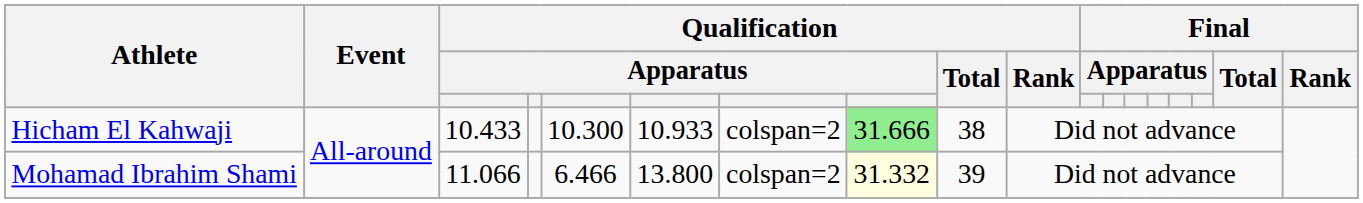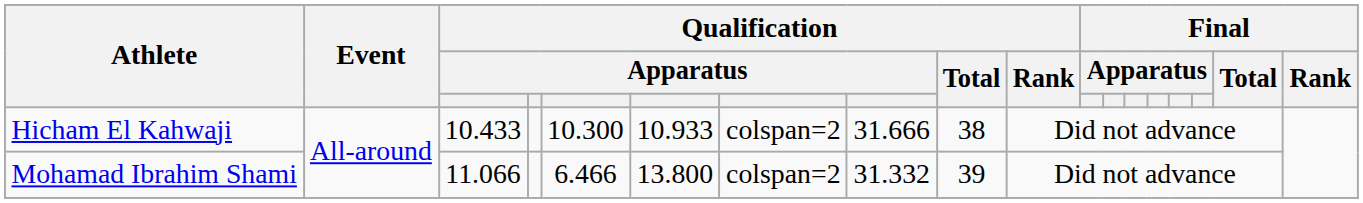 <table class="wikitable" style="font-size:90%">
 <tr>
 <th rowspan=3>Athlete</th>
 <th rowspan=3>Event</th>
 <th colspan =8>Qualification</th>
 <th colspan =8>Final</th>
 </tr>
 <tr style="font-size:95%">
 <th colspan=6>Apparatus</th>
 <th rowspan=2>Total</th>
 <th rowspan=2>Rank</th>
 <th colspan=6>Apparatus</th>
 <th rowspan=2>Total</th>
 <th rowspan=2>Rank</th>
 </tr>
 <tr style="font-size:95%">
 <th></th>
 <th></th>
 <th></th>
 <th></th>
 <th></th>
 <th></th>
 <th></th>
 <th></th>
 <th></th>
 <th></th>
 <th></th>
 <th></th>
 </tr>
 <tr align=center>
 <td align=left><a href='#'>Hicham El Kahwaji</a></td>
 <td align=left rowspan=2><a href='#'>All-around</a></td>
 <td>10.433</td>
 <td></td>
 <td>10.300</td>
 <td>10.933</td>
 <td>colspan=2 </td>
-<td style="background: lightgreen;">31.666</td>
+<td>31.666</td>
 <td>38</td>
 <td colspan=8>Did not advance</td>
 </tr>
 <tr align=center>
 <td align=left><a href='#'>Mohamad Ibrahim Shami</a></td>
 <td>11.066</td>
 <td></td>
 <td>6.466</td>
 <td>13.800</td>
 <td>colspan=2 </td>
-<td style="background: lightyellow;">31.332</td>
+<td>31.332</td>
 <td>39</td>
 <td colspan=8>Did not advance</td>
 </tr>
 </table>
